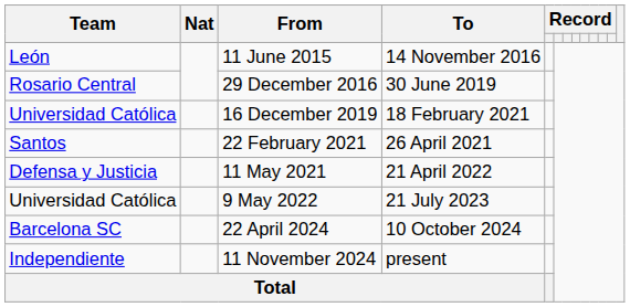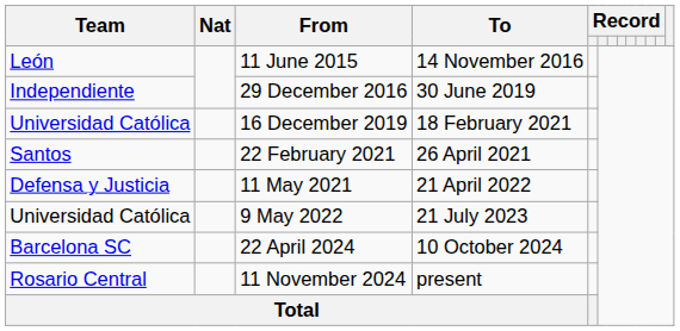 <table class="wikitable" style="text-align: center">
 <tr>
 <th rowspan="2">Team</th>
 <th rowspan="2">Nat</th>
 <th rowspan="2">From</th>
 <th rowspan="2">To</th>
 <th colspan="8">Record</th>
 <th rowspan=2></th>
 </tr>
 <tr>
 <th></th>
 <th></th>
 <th></th>
 <th></th>
 <th></th>
 <th></th>
 <th></th>
 <th></th>
 </tr>
 <tr>
 <td align=left><a href='#'>León</a></td>
 <td rowspan="2"></td>
 <td align=left>11 June 2015</td>
 <td align=left>14 November 2016<br></td>
 <td></td>
 </tr>
 <tr>
-<td align=left><a href='#'>Rosario Central</a></td>
+<td align=left><a href='#'>Independiente</a></td>
 <td align=left>29 December 2016</td>
 <td align=left>30 June 2019<br></td>
 <td></td>
 </tr>
 <tr>
 <td align=left><a href='#'>Universidad Católica</a></td>
 <td></td>
 <td align=left>16 December 2019</td>
 <td align=left>18 February 2021<br></td>
 <td></td>
 </tr>
 <tr>
 <td align=left><a href='#'>Santos</a></td>
 <td></td>
 <td align=left>22 February 2021</td>
 <td align=left>26 April 2021<br></td>
 <td></td>
 </tr>
 <tr>
 <td align=left><a href='#'>Defensa y Justicia</a></td>
 <td></td>
 <td align=left>11 May 2021</td>
 <td align=left>21 April 2022<br></td>
 <td></td>
 </tr>
 <tr>
 <td align=left>Universidad Católica</td>
 <td></td>
 <td align=left>9 May 2022</td>
 <td align=left>21 July 2023<br></td>
 <td></td>
 </tr>
 <tr>
 <td align=left><a href='#'>Barcelona SC</a></td>
 <td></td>
 <td align=left>22 April 2024</td>
 <td align=left>10 October 2024<br></td>
 <td></td>
 </tr>
 <tr>
-<td align=left><a href='#'>Independiente</a></td>
+<td align=left><a href='#'>Rosario Central</a></td>
 <td></td>
 <td align=left>11 November 2024</td>
 <td align=left>present<br></td>
 <td></td>
 </tr>
 <tr align=center>
 <th colspan=4>Total<br></th>
 <th></th>
 </tr>
 </table>
